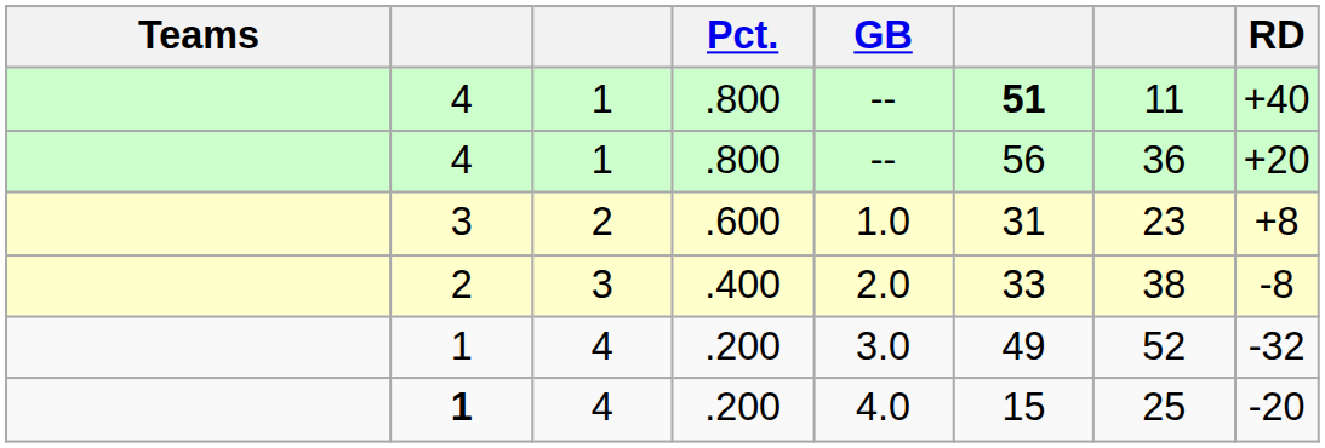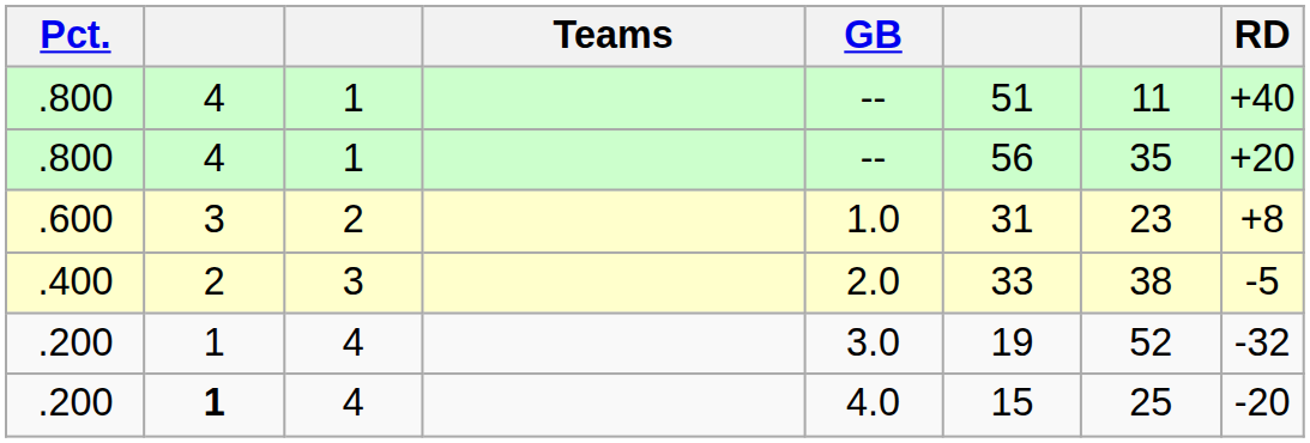 <table class="wikitable" style="text-align:center;">
 <tr>
-<th width="150px">Teams</th>
+<th width="50px"><a href='#'>Pct.</a></th>
 <th width="50px"></th>
 <th width="50px"></th>
-<th width="50px"><a href='#'>Pct.</a></th>
+<th width="150px">Teams</th>
 <th width="50px"><a href='#'>GB</a></th>
 <th width="50px"></th>
 <th width="50px"></th>
 <th>RD</th>
 </tr>
 <tr style="background-color:#ccffcc">
-<td align="left"></td>
+<td>.800</td>
 <td>4</td>
 <td>1</td>
-<td>.800</td>
+<td align="left"></td>
 <td>--</td>
-<td><strong>51</strong></td>
+<td>51</td>
 <td>11</td>
 <td>+40</td>
 </tr>
 <tr style="background-color:#ccffcc">
-<td align="left"></td>
+<td>.800</td>
 <td>4</td>
 <td>1</td>
-<td>.800</td>
+<td align="left"></td>
 <td>--</td>
 <td>56</td>
-<td>36</td>
+<td>35</td>
 <td>+20</td>
 </tr>
 <tr style="background-color:#ffffcc">
-<td align="left"></td>
+<td>.600</td>
 <td>3</td>
 <td>2</td>
-<td>.600</td>
+<td align="left"></td>
 <td>1.0</td>
 <td>31</td>
 <td>23</td>
 <td>+8</td>
 </tr>
 <tr style="background-color: #ffffcc ">
-<td align="left"></td>
+<td>.400</td>
 <td>2</td>
 <td>3</td>
-<td>.400</td>
+<td align="left"></td>
 <td>2.0</td>
 <td>33</td>
 <td>38</td>
-<td>-8</td>
+<td>-5</td>
 </tr>
 <tr style="background-color:">
-<td align="left"></td>
+<td>.200</td>
 <td>1</td>
 <td>4</td>
-<td>.200</td>
+<td align="left"></td>
 <td>3.0</td>
-<td>49</td>
+<td>19</td>
 <td>52</td>
 <td>-32</td>
 </tr>
 <tr style="background-color:">
-<td align="left"></td>
+<td>.200</td>
 <td><strong>1</strong></td>
 <td>4</td>
-<td>.200</td>
+<td align="left"></td>
 <td>4.0</td>
 <td>15</td>
 <td>25</td>
 <td>-20</td>
 </tr>
 </table>
